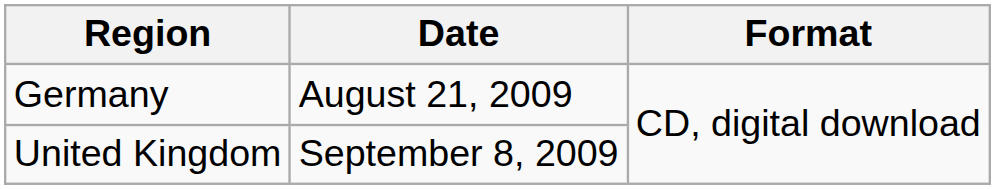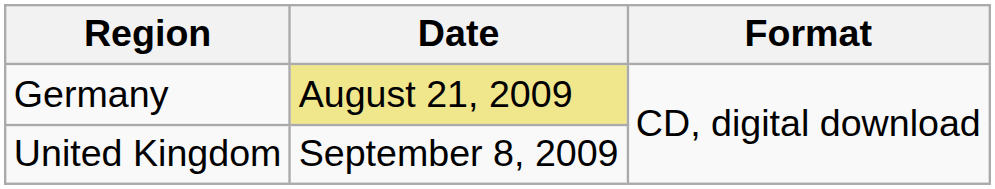 <table class="wikitable">
 <tr>
 <th>Region</th>
 <th>Date</th>
 <th>Format</th>
 </tr>
 <tr>
 <td>Germany</td>
-<td>August 21, 2009</td>
+<td style="background: khaki;">August 21, 2009</td>
 <td rowspan="2">CD, digital download</td>
 </tr>
 <tr>
 <td>United Kingdom</td>
 <td>September 8, 2009</td>
 </tr>
 </table>
